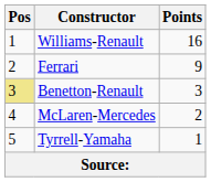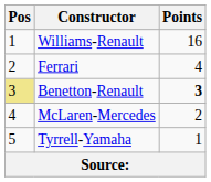 <table class="wikitable" style="font-size: 95%;">
 <tr>
 <th>Pos</th>
 <th>Constructor</th>
 <th>Points</th>
 </tr>
 <tr>
 <td>1</td>
 <td> <a href='#'>Williams</a>-<a href='#'>Renault</a></td>
 <td align="right">16</td>
 </tr>
 <tr>
 <td>2</td>
 <td> <a href='#'>Ferrari</a></td>
-<td align="right">9</td>
+<td align="right">4</td>
 </tr>
 <tr>
 <td style="background: khaki;">3</td>
 <td> <a href='#'>Benetton</a>-<a href='#'>Renault</a></td>
-<td align="right">3</td>
+<td align="right"><strong>3</strong></td>
 </tr>
 <tr>
 <td>4</td>
 <td> <a href='#'>McLaren</a>-<a href='#'>Mercedes</a></td>
 <td align="right">2</td>
 </tr>
 <tr>
 <td>5</td>
 <td> <a href='#'>Tyrrell</a>-<a href='#'>Yamaha</a></td>
 <td align="right">1</td>
 </tr>
 <tr>
 <th colspan="3">Source:</th>
 </tr>
 </table>
